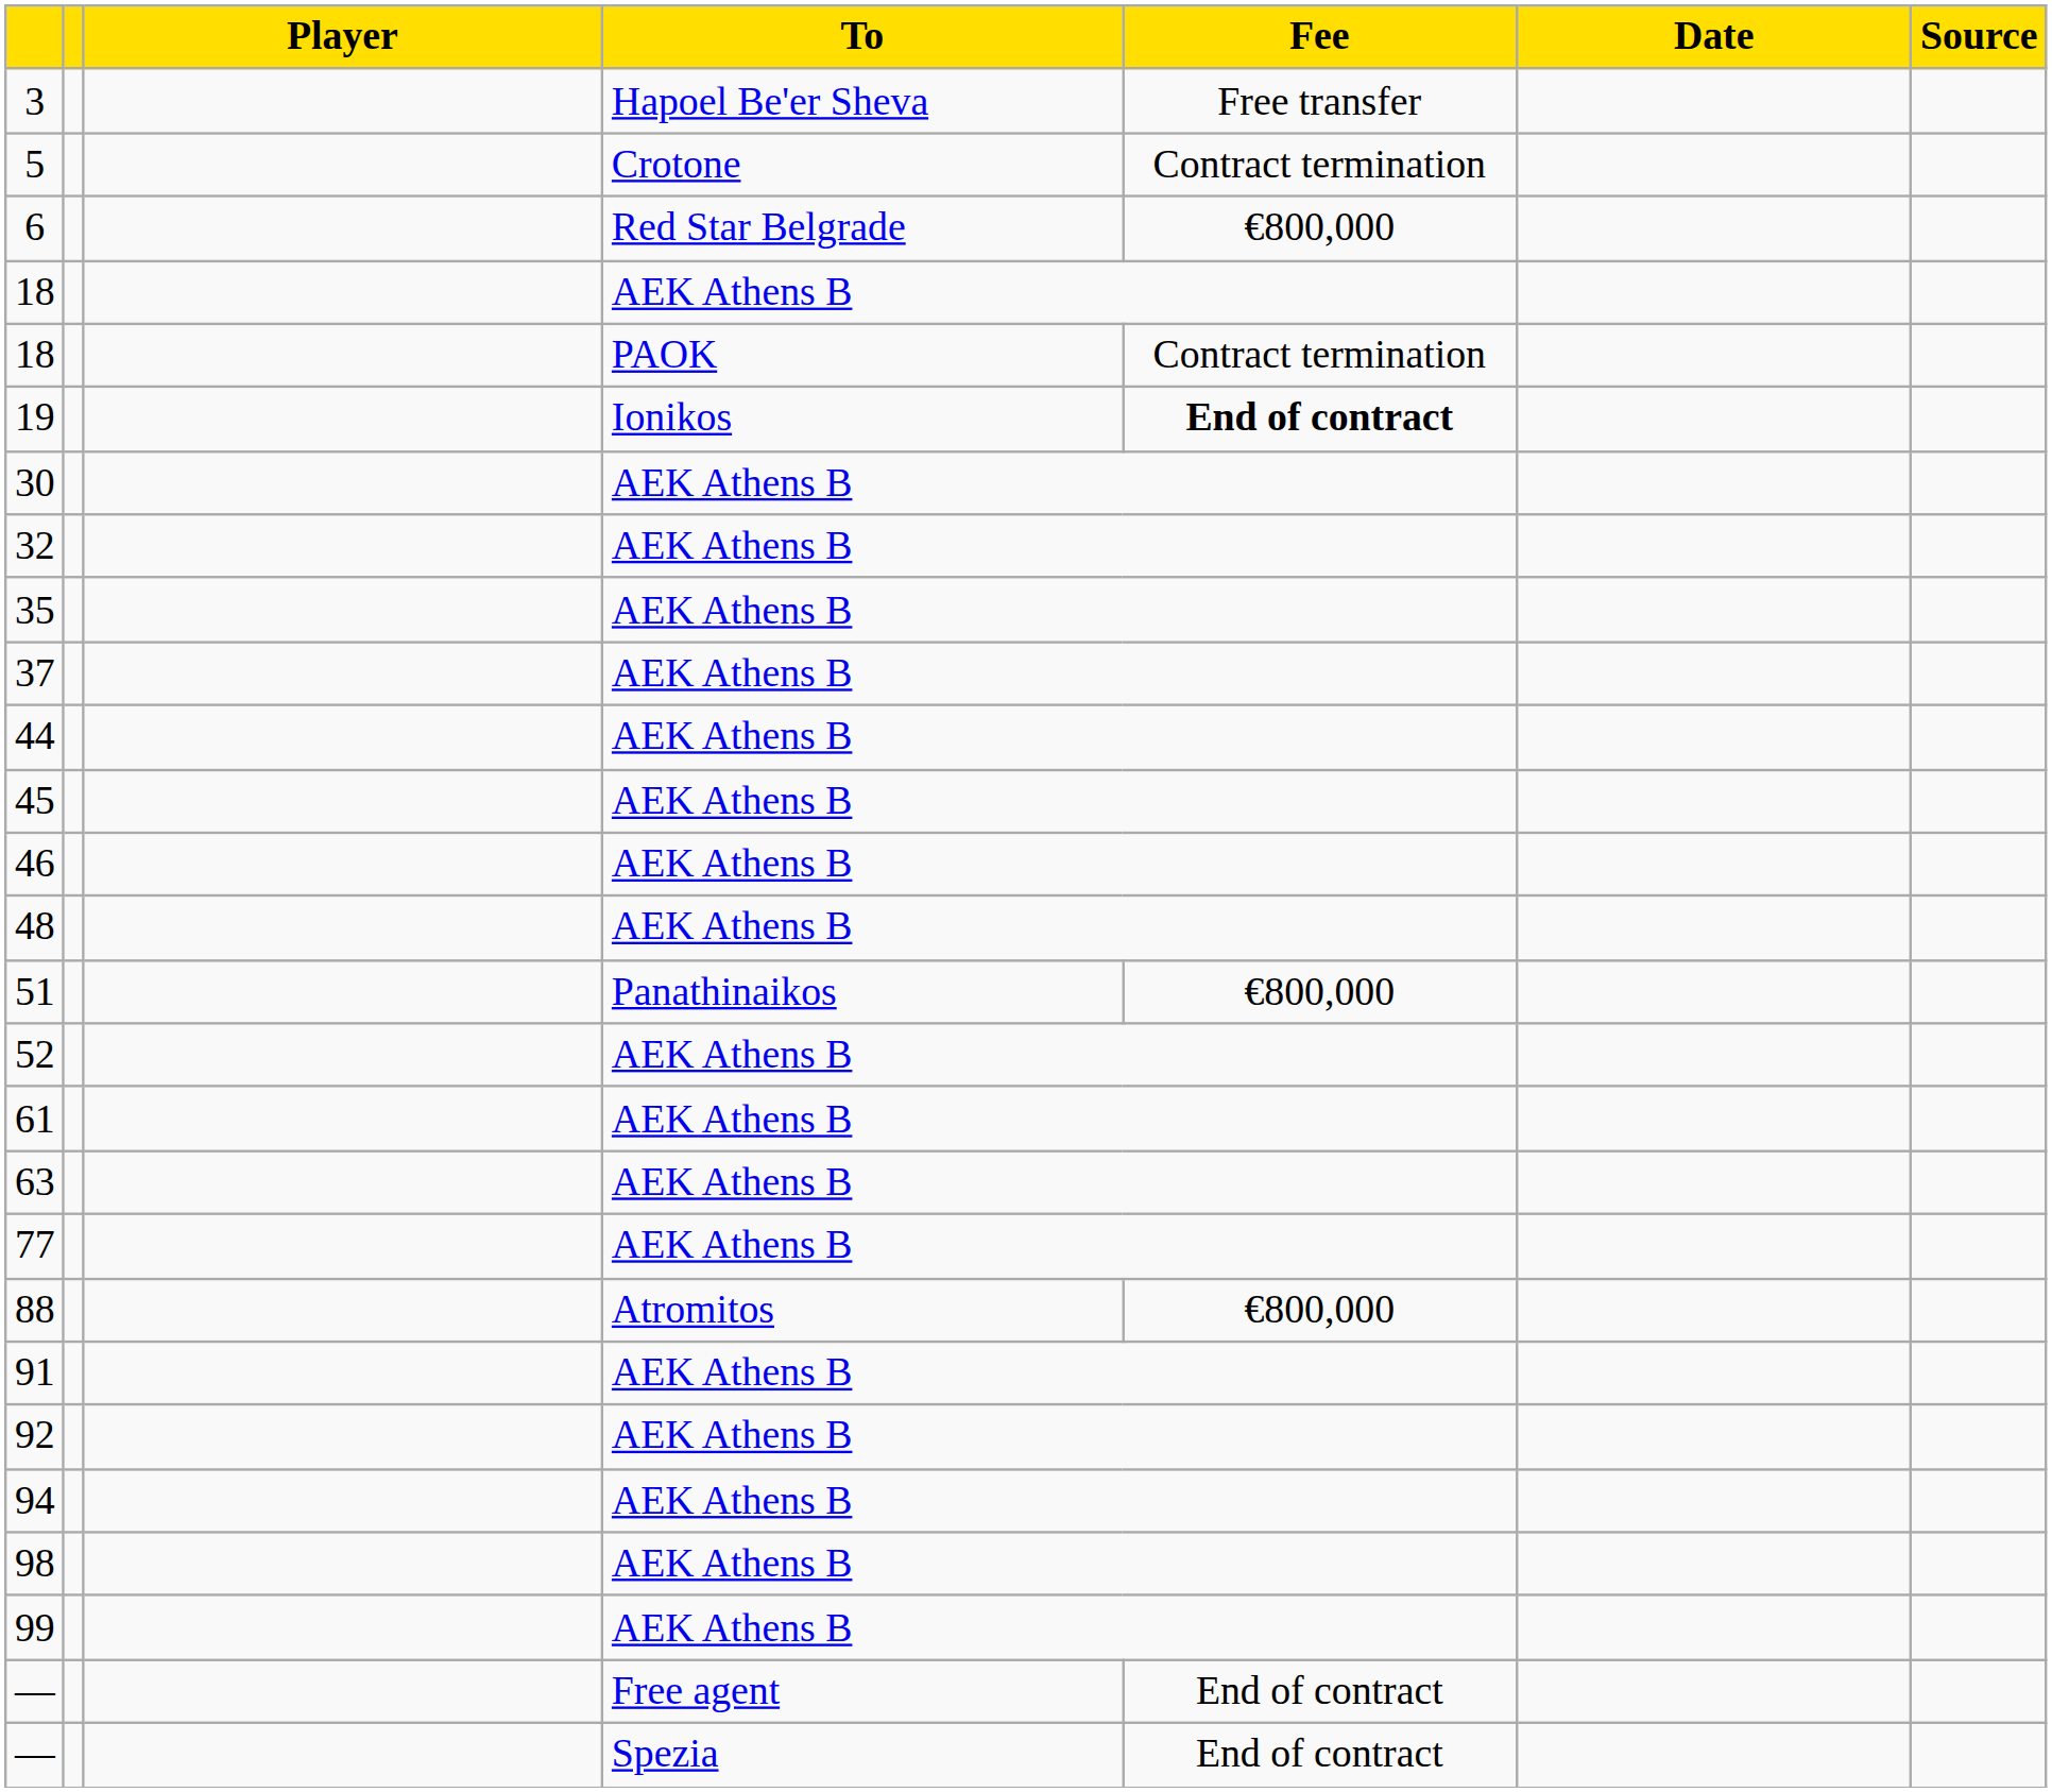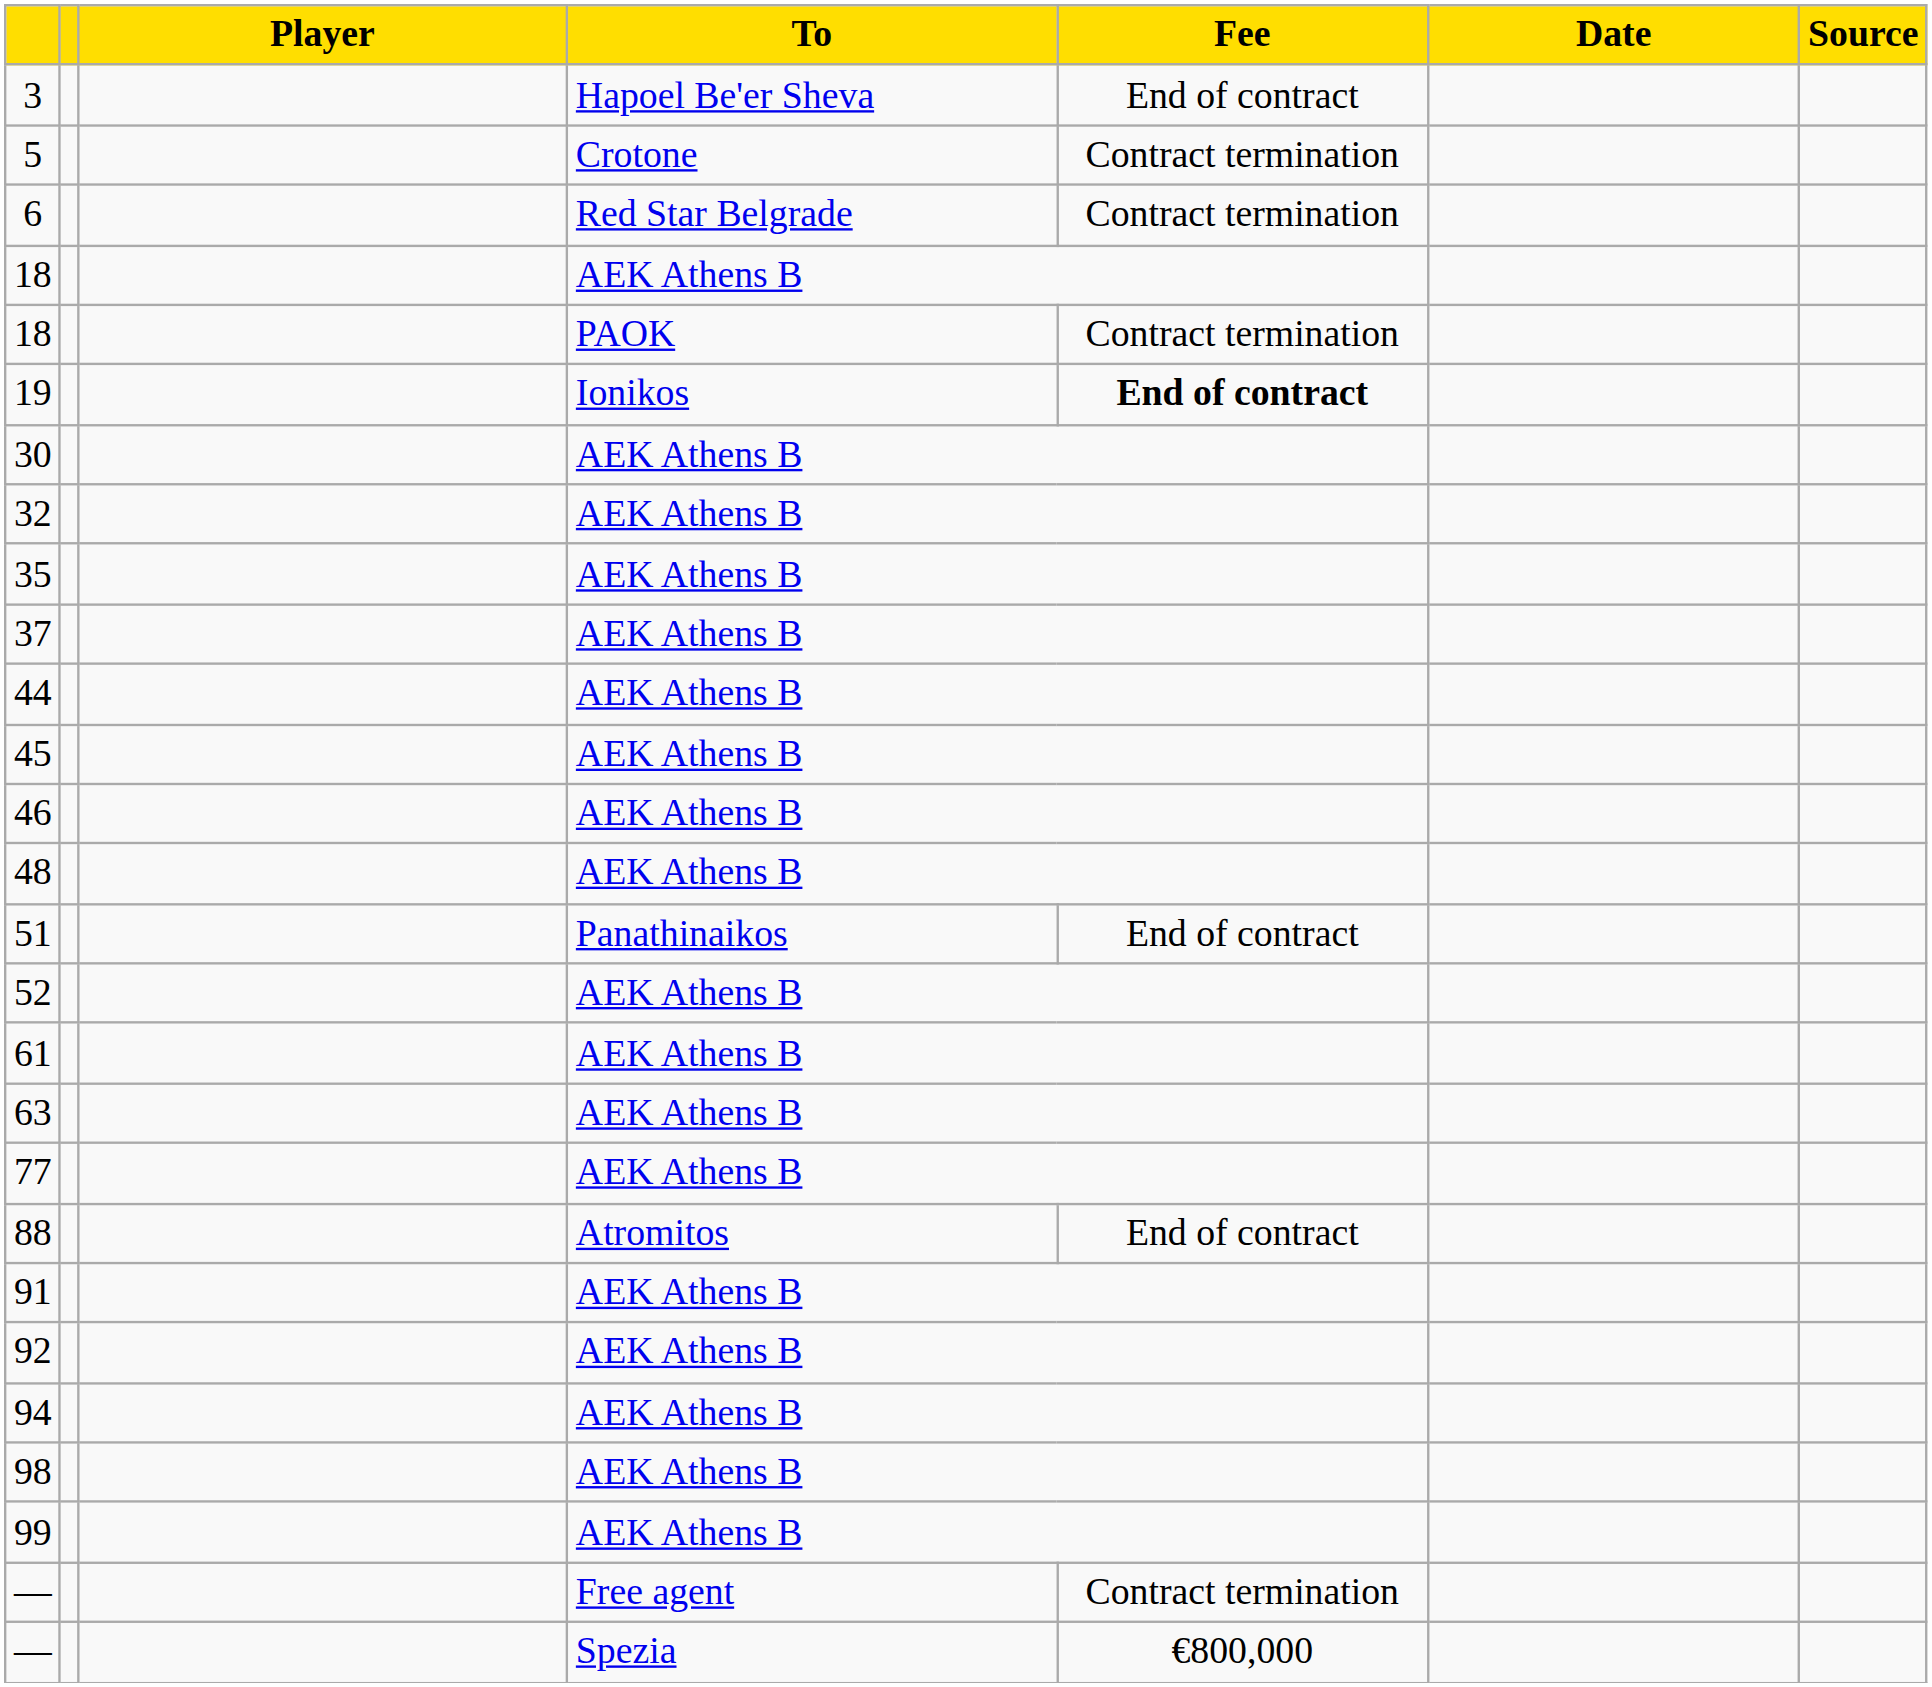 <table class="wikitable sortable">
 <tr>
 <th style="background:#FFDE00"></th>
 <th style="background:#FFDE00"></th>
 <th width=200 style="background:#FFDE00">Player</th>
 <th width=200 style="background:#FFDE00">To</th>
 <th width=150 style="background:#FFDE00">Fee</th>
 <th width=150 style="background:#FFDE00">Date</th>
 <th style="background:#FFDE00">Source</th>
 </tr>
 <tr>
 <td align=center>3</td>
 <td align=center></td>
 <td></td>
 <td> <a href='#'>Hapoel Be'er Sheva</a></td>
-<td align=center>Free transfer</td>
+<td align=center>End of contract</td>
 <td align=center></td>
 <td align=center></td>
 </tr>
 <tr>
 <td align=center>5</td>
 <td align=center></td>
 <td></td>
 <td> <a href='#'>Crotone</a></td>
 <td align=center>Contract termination</td>
 <td align=center></td>
 <td align=center></td>
 </tr>
 <tr>
 <td align=center>6</td>
 <td align=center></td>
 <td></td>
 <td> <a href='#'>Red Star Belgrade</a></td>
-<td align=center>€800,000</td>
+<td align=center>Contract termination</td>
 <td align=center></td>
 <td align=center></td>
 </tr>
 <tr>
 <td align=center>18</td>
 <td align=center></td>
 <td></td>
 <td colspan=2> <a href='#'>AEK Athens Β</a></td>
 <td align=center></td>
 <td align=center></td>
 </tr>
 <tr>
 <td align=center>18</td>
 <td align=center></td>
 <td></td>
 <td> <a href='#'>PAOK</a></td>
 <td align=center>Contract termination</td>
 <td align=center></td>
 <td align=center></td>
 </tr>
 <tr>
 <td align=center>19</td>
 <td align=center></td>
 <td></td>
 <td> <a href='#'>Ionikos</a></td>
 <td align=center><strong>End of contract</strong></td>
 <td align=center></td>
 <td align=center></td>
 </tr>
 <tr>
 <td align=center>30</td>
 <td align=center></td>
 <td></td>
 <td colspan=2> <a href='#'>AEK Athens Β</a></td>
 <td align=center></td>
 <td align=center></td>
 </tr>
 <tr>
 <td align=center>32</td>
 <td align=center></td>
 <td></td>
 <td colspan=2> <a href='#'>AEK Athens Β</a></td>
 <td align=center></td>
 <td align=center></td>
 </tr>
 <tr>
 <td align=center>35</td>
 <td align=center></td>
 <td></td>
 <td colspan=2> <a href='#'>AEK Athens Β</a></td>
 <td align=center></td>
 <td align=center></td>
 </tr>
 <tr>
 <td align=center>37</td>
 <td align=center></td>
 <td></td>
 <td colspan=2> <a href='#'>AEK Athens Β</a></td>
 <td align=center></td>
 <td align=center></td>
 </tr>
 <tr>
 <td align=center>44</td>
 <td align=center></td>
 <td></td>
 <td colspan=2> <a href='#'>AEK Athens Β</a></td>
 <td align=center></td>
 <td align=center></td>
 </tr>
 <tr>
 <td align=center>45</td>
 <td align=center></td>
 <td></td>
 <td colspan=2> <a href='#'>AEK Athens Β</a></td>
 <td align=center></td>
 <td align=center></td>
 </tr>
 <tr>
 <td align=center>46</td>
 <td align=center></td>
 <td></td>
 <td colspan=2> <a href='#'>AEK Athens Β</a></td>
 <td align=center></td>
 <td align=center></td>
 </tr>
 <tr>
 <td align=center>48</td>
 <td align=center></td>
 <td></td>
 <td colspan=2> <a href='#'>AEK Athens Β</a></td>
 <td align=center></td>
 <td align=center></td>
 </tr>
 <tr>
 <td align=center>51</td>
 <td align=center></td>
 <td></td>
 <td> <a href='#'>Panathinaikos</a></td>
-<td align=center>€800,000</td>
+<td align=center>End of contract</td>
 <td align=center></td>
 <td align=center></td>
 </tr>
 <tr>
 <td align=center>52</td>
 <td align=center></td>
 <td></td>
 <td colspan=2> <a href='#'>AEK Athens Β</a></td>
 <td align=center></td>
 <td align=center></td>
 </tr>
 <tr>
 <td align=center>61</td>
 <td align=center></td>
 <td></td>
 <td colspan=2> <a href='#'>AEK Athens Β</a></td>
 <td align=center></td>
 <td align=center></td>
 </tr>
 <tr>
 <td align=center>63</td>
 <td align=center></td>
 <td></td>
 <td colspan=2> <a href='#'>AEK Athens Β</a></td>
 <td align=center></td>
 <td align=center></td>
 </tr>
 <tr>
 <td align=center>77</td>
 <td align=center></td>
 <td></td>
 <td colspan=2> <a href='#'>AEK Athens Β</a></td>
 <td align=center></td>
 <td align=center></td>
 </tr>
 <tr>
 <td align=center>88</td>
 <td align=center></td>
 <td></td>
 <td> <a href='#'>Atromitos</a></td>
-<td align=center>€800,000</td>
+<td align=center>End of contract</td>
 <td align=center></td>
 <td align=center></td>
 </tr>
 <tr>
 <td align=center>91</td>
 <td align=center></td>
 <td></td>
 <td colspan=2> <a href='#'>AEK Athens Β</a></td>
 <td align=center></td>
 <td align=center></td>
 </tr>
 <tr>
 <td align=center>92</td>
 <td align=center></td>
 <td></td>
 <td colspan=2> <a href='#'>AEK Athens Β</a></td>
 <td align=center></td>
 <td align=center></td>
 </tr>
 <tr>
 <td align=center>94</td>
 <td align=center></td>
 <td></td>
 <td colspan=2> <a href='#'>AEK Athens Β</a></td>
 <td align=center></td>
 <td align=center></td>
 </tr>
 <tr>
 <td align=center>98</td>
 <td align=center></td>
 <td></td>
 <td colspan=2> <a href='#'>AEK Athens Β</a></td>
 <td align=center></td>
 <td align=center></td>
 </tr>
 <tr>
 <td align=center>99</td>
 <td align=center></td>
 <td></td>
 <td colspan=2> <a href='#'>AEK Athens Β</a></td>
 <td align=center></td>
 <td align=center></td>
 </tr>
 <tr>
 <td align=center>—</td>
 <td align=center></td>
 <td></td>
 <td><a href='#'>Free agent</a></td>
-<td align=center>End of contract</td>
+<td align=center>Contract termination</td>
 <td align=center></td>
 <td align=center></td>
 </tr>
 <tr>
 <td align=center>—</td>
 <td align=center></td>
 <td></td>
 <td> <a href='#'>Spezia</a></td>
-<td align=center>End of contract</td>
+<td align=center>€800,000</td>
 <td align=center></td>
 <td align=center></td>
 </tr>
 </table>
